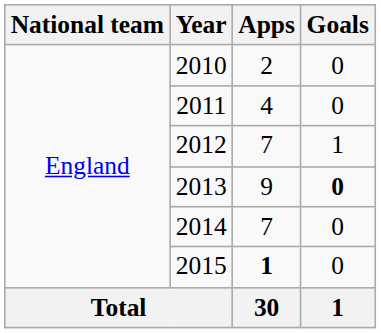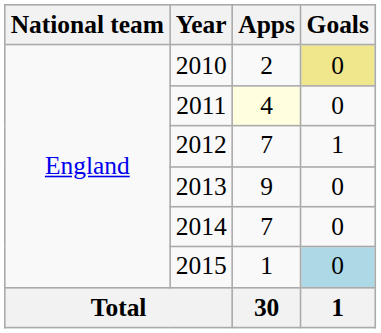 <table class="wikitable" style="text-align:center">
 <tr>
 <th>National team</th>
 <th>Year</th>
 <th>Apps</th>
 <th>Goals</th>
 </tr>
 <tr>
 <td rowspan="6"><a href='#'>England</a></td>
 <td>2010</td>
 <td>2</td>
-<td>0</td>
+<td style="background: khaki;">0</td>
 </tr>
 <tr>
 <td>2011</td>
-<td>4</td>
+<td style="background: lightyellow;">4</td>
 <td>0</td>
 </tr>
 <tr>
 <td>2012</td>
 <td>7</td>
 <td>1</td>
 </tr>
 <tr>
 <td>2013</td>
 <td>9</td>
-<td><strong>0</strong></td>
+<td>0</td>
 </tr>
 <tr>
 <td>2014</td>
 <td>7</td>
 <td>0</td>
 </tr>
 <tr>
 <td>2015</td>
-<td><strong>1</strong></td>
-<td>0</td>
+<td>1</td>
+<td style="background: lightblue;">0</td>
 </tr>
 <tr>
 <th colspan="2">Total</th>
 <th>30</th>
 <th>1</th>
 </tr>
 </table>
